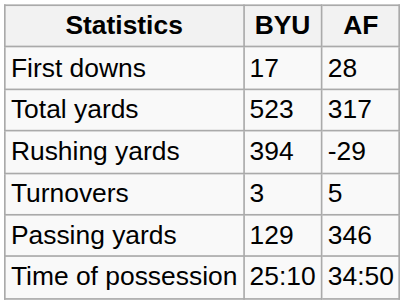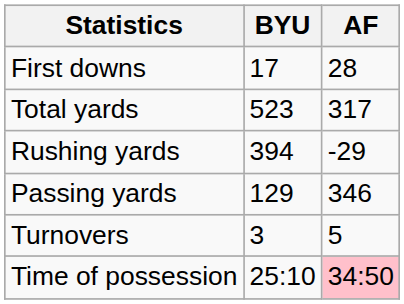 <table class="wikitable" style="float: left;">
 <tr>
 <th>Statistics</th>
 <th>BYU</th>
 <th>AF</th>
 </tr>
 <tr>
 <td>First downs</td>
 <td>17</td>
 <td>28</td>
 </tr>
 <tr>
 <td>Total yards</td>
 <td>523</td>
 <td>317</td>
 </tr>
 <tr>
 <td>Rushing yards</td>
 <td>394</td>
 <td>-29</td>
 </tr>
 <tr>
+<td>Passing yards</td>
+<td>129</td>
+<td>346</td>
+</tr>
+<tr>
 <td>Turnovers</td>
 <td>3</td>
 <td>5</td>
 </tr>
 <tr>
-<td>Passing yards</td>
-<td>129</td>
-<td>346</td>
-</tr>
-<tr>
 <td>Time of possession</td>
 <td>25:10</td>
-<td>34:50</td>
+<td style="background: pink;">34:50</td>
 </tr>
 </table>
